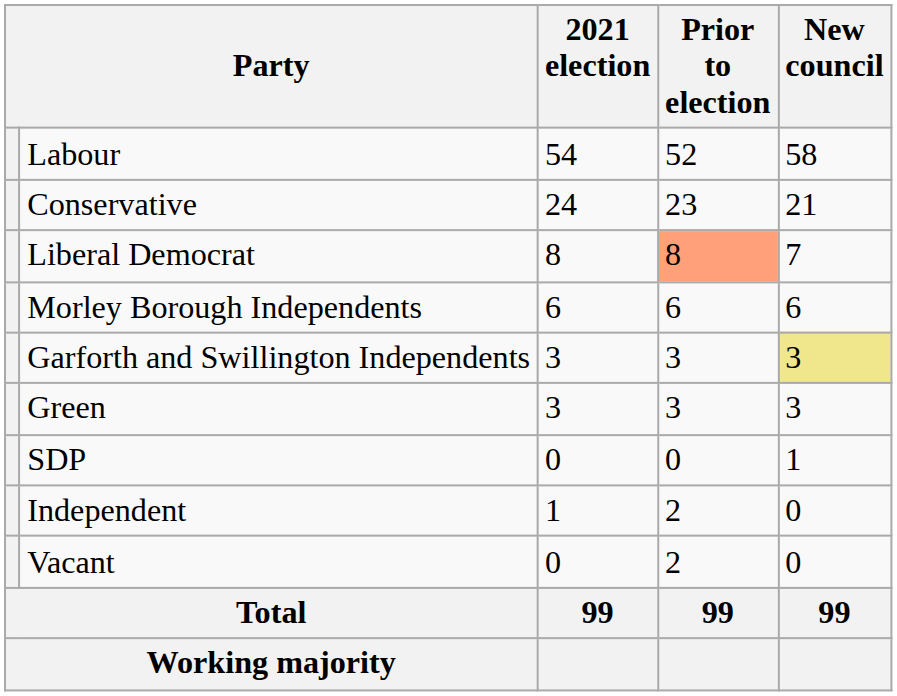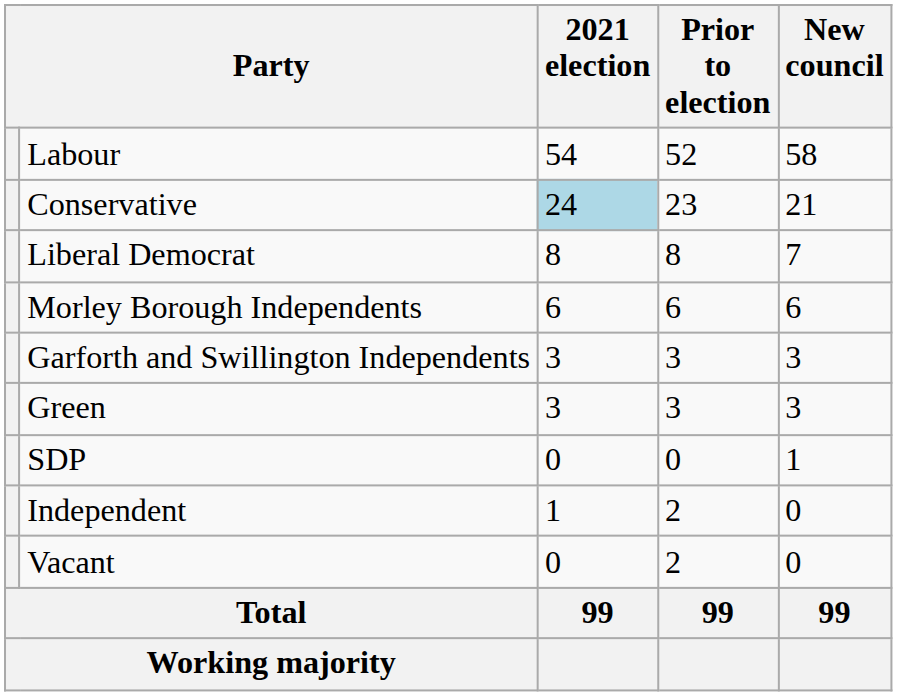 <table class="wikitable">
 <tr>
 <th colspan="2" style="width:230px;">Party</th>
 <th style="vertical-align:top; width:30px;">2021 election</th>
 <th style="vertical-align:top; width:30px;">Prior to election</th>
 <th style="vertical-align:top; width:30px;">New council</th>
 </tr>
 <tr>
 <th style="background-color: "></th>
 <td>Labour</td>
 <td>54</td>
 <td>52</td>
 <td>58</td>
 </tr>
 <tr>
 <th style="background-color: "></th>
 <td>Conservative</td>
-<td>24</td>
+<td style="background: lightblue;">24</td>
 <td>23</td>
 <td>21</td>
 </tr>
 <tr>
 <th style="background-color: "></th>
 <td>Liberal Democrat</td>
 <td>8</td>
-<td style="background: lightsalmon;">8</td>
+<td>8</td>
 <td>7</td>
 </tr>
 <tr>
 <th style="background-color: "></th>
 <td>Morley Borough Independents</td>
 <td>6</td>
 <td>6</td>
 <td>6</td>
 </tr>
 <tr>
 <th style="background-color: "></th>
 <td>Garforth and Swillington Independents</td>
 <td>3</td>
 <td>3</td>
-<td style="background: khaki;">3</td>
+<td>3</td>
 </tr>
 <tr>
 <th style="background-color: "></th>
 <td>Green</td>
 <td>3</td>
 <td>3</td>
 <td>3</td>
 </tr>
 <tr>
 <th style="background-color: "></th>
 <td>SDP</td>
 <td>0</td>
 <td>0</td>
 <td>1</td>
 </tr>
 <tr>
 <th style="background-color: "></th>
 <td>Independent</td>
 <td>1</td>
 <td>2</td>
 <td>0</td>
 </tr>
 <tr>
 <th style="background-color: "></th>
 <td>Vacant</td>
 <td>0</td>
 <td>2</td>
 <td>0</td>
 </tr>
 <tr>
 <th colspan=2>Total</th>
 <th style="text-align: center">99</th>
 <th>99</th>
 <th>99</th>
 </tr>
 <tr>
 <th colspan=2>Working majority</th>
 <th></th>
 <th></th>
 <th></th>
 </tr>
 </table>
